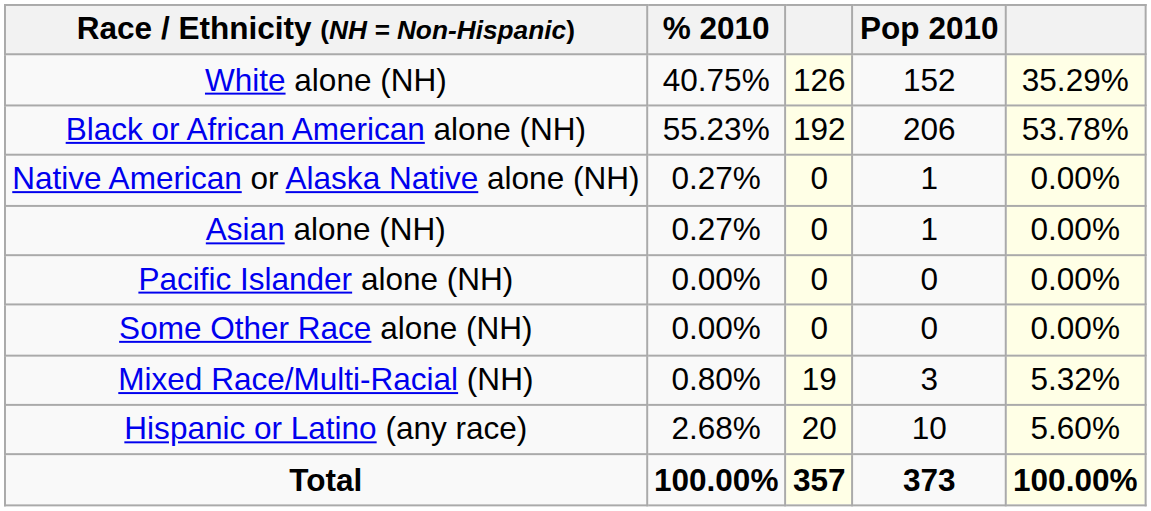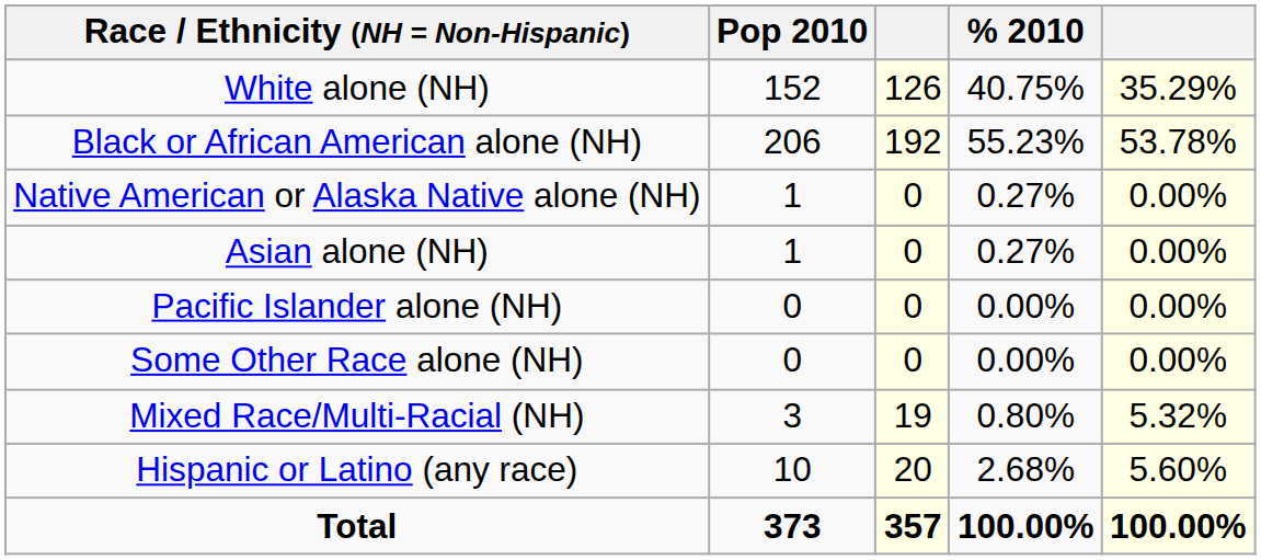 <table class="wikitable" style="text-align:center;">
 <tr>
 <th>Race / Ethnicity <small>(<em>NH = Non-Hispanic</em>)</small></th>
+<th>Pop 2010</th>
+<th></th>
 <th>% 2010</th>
-<th></th>
-<th>Pop 2010</th>
 <th></th>
 </tr>
 <tr>
 <td><a href='#'>White</a> alone (NH)</td>
+<td>152</td>
+<td style='background: #ffffe6;'>126</td>
 <td>40.75%</td>
-<td style='background: #ffffe6;'>126</td>
-<td>152</td>
 <td style='background: #ffffe6;'>35.29%</td>
 </tr>
 <tr>
 <td><a href='#'>Black or African American</a> alone (NH)</td>
+<td>206</td>
+<td style='background: #ffffe6;'>192</td>
 <td>55.23%</td>
-<td style='background: #ffffe6;'>192</td>
-<td>206</td>
 <td style='background: #ffffe6;'>53.78%</td>
 </tr>
 <tr>
 <td><a href='#'>Native American</a> or <a href='#'>Alaska Native</a> alone (NH)</td>
+<td>1</td>
+<td style='background: #ffffe6;'>0</td>
 <td>0.27%</td>
-<td style='background: #ffffe6;'>0</td>
-<td>1</td>
 <td style='background: #ffffe6;'>0.00%</td>
 </tr>
 <tr>
 <td><a href='#'>Asian</a> alone (NH)</td>
+<td>1</td>
+<td style='background: #ffffe6;'>0</td>
 <td>0.27%</td>
-<td style='background: #ffffe6;'>0</td>
-<td>1</td>
 <td style='background: #ffffe6;'>0.00%</td>
 </tr>
 <tr>
 <td><a href='#'>Pacific Islander</a> alone (NH)</td>
+<td>0</td>
+<td style='background: #ffffe6;'>0</td>
 <td>0.00%</td>
-<td style='background: #ffffe6;'>0</td>
-<td>0</td>
 <td style='background: #ffffe6;'>0.00%</td>
 </tr>
 <tr>
 <td><a href='#'>Some Other Race</a> alone (NH)</td>
+<td>0</td>
+<td style='background: #ffffe6;'>0</td>
 <td>0.00%</td>
-<td style='background: #ffffe6;'>0</td>
-<td>0</td>
 <td style='background: #ffffe6;'>0.00%</td>
 </tr>
 <tr>
 <td><a href='#'>Mixed Race/Multi-Racial</a> (NH)</td>
+<td>3</td>
+<td style='background: #ffffe6;'>19</td>
 <td>0.80%</td>
-<td style='background: #ffffe6;'>19</td>
-<td>3</td>
 <td style='background: #ffffe6;'>5.32%</td>
 </tr>
 <tr>
 <td><a href='#'>Hispanic or Latino</a> (any race)</td>
+<td>10</td>
+<td style='background: #ffffe6;'>20</td>
 <td>2.68%</td>
-<td style='background: #ffffe6;'>20</td>
-<td>10</td>
 <td style='background: #ffffe6;'>5.60%</td>
 </tr>
 <tr>
 <td><strong>Total</strong></td>
+<td><strong>373</strong></td>
+<td style='background: #ffffe6;'><strong>357</strong></td>
 <td><strong>100.00%</strong></td>
-<td style='background: #ffffe6;'><strong>357</strong></td>
-<td><strong>373</strong></td>
 <td style='background: #ffffe6;'><strong>100.00%</strong></td>
 </tr>
 </table>
